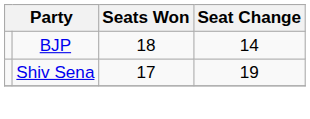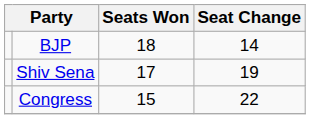 <table class="wikitable" style="text-align:center;">
 <tr>
 <th colspan="2">Party</th>
 <th>Seats Won</th>
 <th>Seat Change</th>
 </tr>
 <tr>
 <td style="background-color: "></td>
 <td><a href='#'>BJP</a></td>
 <td>18</td>
 <td> 14</td>
 </tr>
 <tr>
 <td style="background-color: "></td>
 <td><a href='#'>Shiv Sena</a></td>
 <td>17</td>
 <td> 19</td>
 </tr>
 <tr>
+<td style="background-color: "></td>
+<td><a href='#'>Congress</a></td>
+<td>15</td>
+<td> 22</td>
+</tr>
+<tr>
 </tr>
 </table>
